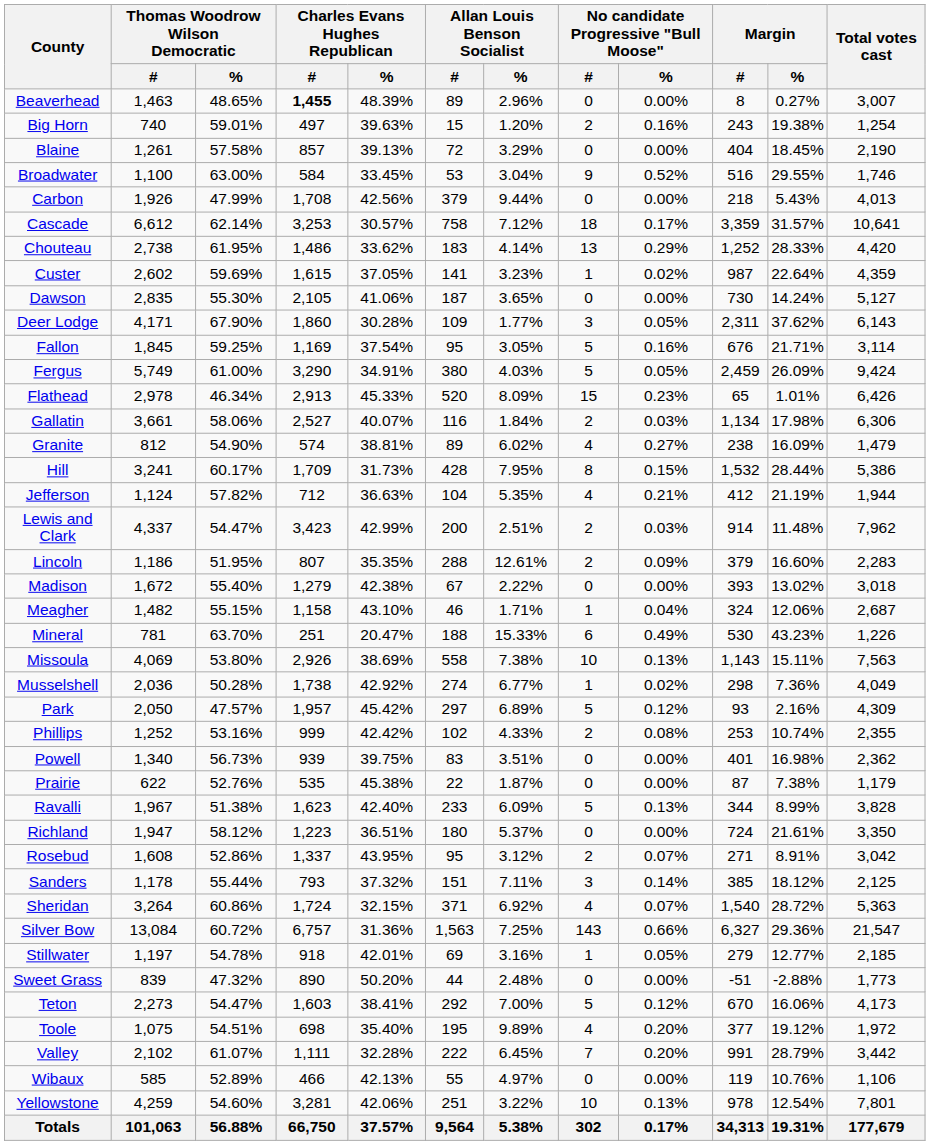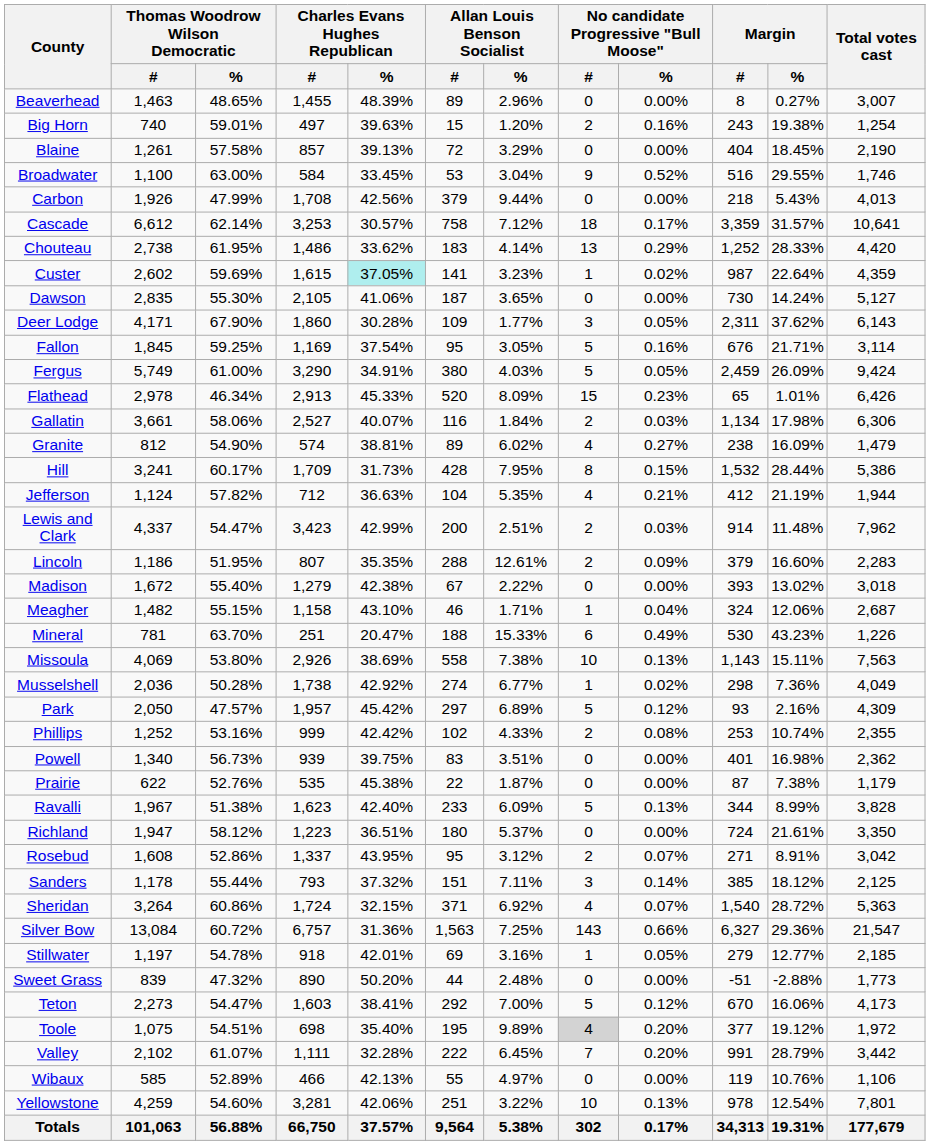 <table width="60%"  class="wikitable sortable" style="text-align:center">
 <tr>
 <th style="text-align:center;" rowspan="2">County</th>
 <th style="text-align:center;" colspan="2">Thomas Woodrow Wilson<br>Democratic</th>
 <th style="text-align:center;" colspan="2">Charles Evans Hughes<br>Republican</th>
 <th style="text-align:center;" colspan="2">Allan Louis Benson<br>Socialist</th>
 <th style="text-align:center;" colspan="2">No candidate<br>Progressive "Bull Moose"</th>
 <th style="text-align:center;" colspan="2">Margin</th>
 <th style="text-align:center;" rowspan="2">Total votes cast</th>
 </tr>
 <tr>
 <th style="text-align:center;" data-sort-type="number">#</th>
 <th style="text-align:center;" data-sort-type="number">%</th>
 <th style="text-align:center;" data-sort-type="number">#</th>
 <th style="text-align:center;" data-sort-type="number">%</th>
 <th style="text-align:center;" data-sort-type="number">#</th>
 <th style="text-align:center;" data-sort-type="number">%</th>
 <th style="text-align:center;" data-sort-type="number">#</th>
 <th style="text-align:center;" data-sort-type="number">%</th>
 <th style="text-align:center;" data-sort-type="number">#</th>
 <th style="text-align:center;" data-sort-type="number">%</th>
 </tr>
 <tr style="text-align:center;">
 <td><a href='#'>Beaverhead</a></td>
 <td>1,463</td>
 <td>48.65%</td>
-<td><strong>1,455</strong></td>
+<td>1,455</td>
 <td>48.39%</td>
 <td>89</td>
 <td>2.96%</td>
 <td>0</td>
 <td>0.00%</td>
 <td>8</td>
 <td>0.27%</td>
 <td>3,007</td>
 </tr>
 <tr style="text-align:center;">
 <td><a href='#'>Big Horn</a></td>
 <td>740</td>
 <td>59.01%</td>
 <td>497</td>
 <td>39.63%</td>
 <td>15</td>
 <td>1.20%</td>
 <td>2</td>
 <td>0.16%</td>
 <td>243</td>
 <td>19.38%</td>
 <td>1,254</td>
 </tr>
 <tr style="text-align:center;">
 <td><a href='#'>Blaine</a></td>
 <td>1,261</td>
 <td>57.58%</td>
 <td>857</td>
 <td>39.13%</td>
 <td>72</td>
 <td>3.29%</td>
 <td>0</td>
 <td>0.00%</td>
 <td>404</td>
 <td>18.45%</td>
 <td>2,190</td>
 </tr>
 <tr style="text-align:center;">
 <td><a href='#'>Broadwater</a></td>
 <td>1,100</td>
 <td>63.00%</td>
 <td>584</td>
 <td>33.45%</td>
 <td>53</td>
 <td>3.04%</td>
 <td>9</td>
 <td>0.52%</td>
 <td>516</td>
 <td>29.55%</td>
 <td>1,746</td>
 </tr>
 <tr style="text-align:center;">
 <td><a href='#'>Carbon</a></td>
 <td>1,926</td>
 <td>47.99%</td>
 <td>1,708</td>
 <td>42.56%</td>
 <td>379</td>
 <td>9.44%</td>
 <td>0</td>
 <td>0.00%</td>
 <td>218</td>
 <td>5.43%</td>
 <td>4,013</td>
 </tr>
 <tr style="text-align:center;">
 <td><a href='#'>Cascade</a></td>
 <td>6,612</td>
 <td>62.14%</td>
 <td>3,253</td>
 <td>30.57%</td>
 <td>758</td>
 <td>7.12%</td>
 <td>18</td>
 <td>0.17%</td>
 <td>3,359</td>
 <td>31.57%</td>
 <td>10,641</td>
 </tr>
 <tr style="text-align:center;">
 <td><a href='#'>Chouteau</a></td>
 <td>2,738</td>
 <td>61.95%</td>
 <td>1,486</td>
 <td>33.62%</td>
 <td>183</td>
 <td>4.14%</td>
 <td>13</td>
 <td>0.29%</td>
 <td>1,252</td>
 <td>28.33%</td>
 <td>4,420</td>
 </tr>
 <tr style="text-align:center;">
 <td><a href='#'>Custer</a></td>
 <td>2,602</td>
 <td>59.69%</td>
 <td>1,615</td>
-<td>37.05%</td>
+<td style="background: paleturquoise;">37.05%</td>
 <td>141</td>
 <td>3.23%</td>
 <td>1</td>
 <td>0.02%</td>
 <td>987</td>
 <td>22.64%</td>
 <td>4,359</td>
 </tr>
 <tr style="text-align:center;">
 <td><a href='#'>Dawson</a></td>
 <td>2,835</td>
 <td>55.30%</td>
 <td>2,105</td>
 <td>41.06%</td>
 <td>187</td>
 <td>3.65%</td>
 <td>0</td>
 <td>0.00%</td>
 <td>730</td>
 <td>14.24%</td>
 <td>5,127</td>
 </tr>
 <tr style="text-align:center;">
 <td><a href='#'>Deer Lodge</a></td>
 <td>4,171</td>
 <td>67.90%</td>
 <td>1,860</td>
 <td>30.28%</td>
 <td>109</td>
 <td>1.77%</td>
 <td>3</td>
 <td>0.05%</td>
 <td>2,311</td>
 <td>37.62%</td>
 <td>6,143</td>
 </tr>
 <tr style="text-align:center;">
 <td><a href='#'>Fallon</a></td>
 <td>1,845</td>
 <td>59.25%</td>
 <td>1,169</td>
 <td>37.54%</td>
 <td>95</td>
 <td>3.05%</td>
 <td>5</td>
 <td>0.16%</td>
 <td>676</td>
 <td>21.71%</td>
 <td>3,114</td>
 </tr>
 <tr style="text-align:center;">
 <td><a href='#'>Fergus</a></td>
 <td>5,749</td>
 <td>61.00%</td>
 <td>3,290</td>
 <td>34.91%</td>
 <td>380</td>
 <td>4.03%</td>
 <td>5</td>
 <td>0.05%</td>
 <td>2,459</td>
 <td>26.09%</td>
 <td>9,424</td>
 </tr>
 <tr style="text-align:center;">
 <td><a href='#'>Flathead</a></td>
 <td>2,978</td>
 <td>46.34%</td>
 <td>2,913</td>
 <td>45.33%</td>
 <td>520</td>
 <td>8.09%</td>
 <td>15</td>
 <td>0.23%</td>
 <td>65</td>
 <td>1.01%</td>
 <td>6,426</td>
 </tr>
 <tr style="text-align:center;">
 <td><a href='#'>Gallatin</a></td>
 <td>3,661</td>
 <td>58.06%</td>
 <td>2,527</td>
 <td>40.07%</td>
 <td>116</td>
 <td>1.84%</td>
 <td>2</td>
 <td>0.03%</td>
 <td>1,134</td>
 <td>17.98%</td>
 <td>6,306</td>
 </tr>
 <tr style="text-align:center;">
 <td><a href='#'>Granite</a></td>
 <td>812</td>
 <td>54.90%</td>
 <td>574</td>
 <td>38.81%</td>
 <td>89</td>
 <td>6.02%</td>
 <td>4</td>
 <td>0.27%</td>
 <td>238</td>
 <td>16.09%</td>
 <td>1,479</td>
 </tr>
 <tr style="text-align:center;">
 <td><a href='#'>Hill</a></td>
 <td>3,241</td>
 <td>60.17%</td>
 <td>1,709</td>
 <td>31.73%</td>
 <td>428</td>
 <td>7.95%</td>
 <td>8</td>
 <td>0.15%</td>
 <td>1,532</td>
 <td>28.44%</td>
 <td>5,386</td>
 </tr>
 <tr style="text-align:center;">
 <td><a href='#'>Jefferson</a></td>
 <td>1,124</td>
 <td>57.82%</td>
 <td>712</td>
 <td>36.63%</td>
 <td>104</td>
 <td>5.35%</td>
 <td>4</td>
 <td>0.21%</td>
 <td>412</td>
 <td>21.19%</td>
 <td>1,944</td>
 </tr>
 <tr style="text-align:center;">
 <td><a href='#'>Lewis and Clark</a></td>
 <td>4,337</td>
 <td>54.47%</td>
 <td>3,423</td>
 <td>42.99%</td>
 <td>200</td>
 <td>2.51%</td>
 <td>2</td>
 <td>0.03%</td>
 <td>914</td>
 <td>11.48%</td>
 <td>7,962</td>
 </tr>
 <tr style="text-align:center;">
 <td><a href='#'>Lincoln</a></td>
 <td>1,186</td>
 <td>51.95%</td>
 <td>807</td>
 <td>35.35%</td>
 <td>288</td>
 <td>12.61%</td>
 <td>2</td>
 <td>0.09%</td>
 <td>379</td>
 <td>16.60%</td>
 <td>2,283</td>
 </tr>
 <tr style="text-align:center;">
 <td><a href='#'>Madison</a></td>
 <td>1,672</td>
 <td>55.40%</td>
 <td>1,279</td>
 <td>42.38%</td>
 <td>67</td>
 <td>2.22%</td>
 <td>0</td>
 <td>0.00%</td>
 <td>393</td>
 <td>13.02%</td>
 <td>3,018</td>
 </tr>
 <tr style="text-align:center;">
 <td><a href='#'>Meagher</a></td>
 <td>1,482</td>
 <td>55.15%</td>
 <td>1,158</td>
 <td>43.10%</td>
 <td>46</td>
 <td>1.71%</td>
 <td>1</td>
 <td>0.04%</td>
 <td>324</td>
 <td>12.06%</td>
 <td>2,687</td>
 </tr>
 <tr style="text-align:center;">
 <td><a href='#'>Mineral</a></td>
 <td>781</td>
 <td>63.70%</td>
 <td>251</td>
 <td>20.47%</td>
 <td>188</td>
 <td>15.33%</td>
 <td>6</td>
 <td>0.49%</td>
 <td>530</td>
 <td>43.23%</td>
 <td>1,226</td>
 </tr>
 <tr style="text-align:center;">
 <td><a href='#'>Missoula</a></td>
 <td>4,069</td>
 <td>53.80%</td>
 <td>2,926</td>
 <td>38.69%</td>
 <td>558</td>
 <td>7.38%</td>
 <td>10</td>
 <td>0.13%</td>
 <td>1,143</td>
 <td>15.11%</td>
 <td>7,563</td>
 </tr>
 <tr style="text-align:center;">
 <td><a href='#'>Musselshell</a></td>
 <td>2,036</td>
 <td>50.28%</td>
 <td>1,738</td>
 <td>42.92%</td>
 <td>274</td>
 <td>6.77%</td>
 <td>1</td>
 <td>0.02%</td>
 <td>298</td>
 <td>7.36%</td>
 <td>4,049</td>
 </tr>
 <tr style="text-align:center;">
 <td><a href='#'>Park</a></td>
 <td>2,050</td>
 <td>47.57%</td>
 <td>1,957</td>
 <td>45.42%</td>
 <td>297</td>
 <td>6.89%</td>
 <td>5</td>
 <td>0.12%</td>
 <td>93</td>
 <td>2.16%</td>
 <td>4,309</td>
 </tr>
 <tr style="text-align:center;">
 <td><a href='#'>Phillips</a></td>
 <td>1,252</td>
 <td>53.16%</td>
 <td>999</td>
 <td>42.42%</td>
 <td>102</td>
 <td>4.33%</td>
 <td>2</td>
 <td>0.08%</td>
 <td>253</td>
 <td>10.74%</td>
 <td>2,355</td>
 </tr>
 <tr style="text-align:center;">
 <td><a href='#'>Powell</a></td>
 <td>1,340</td>
 <td>56.73%</td>
 <td>939</td>
 <td>39.75%</td>
 <td>83</td>
 <td>3.51%</td>
 <td>0</td>
 <td>0.00%</td>
 <td>401</td>
 <td>16.98%</td>
 <td>2,362</td>
 </tr>
 <tr style="text-align:center;">
 <td><a href='#'>Prairie</a></td>
 <td>622</td>
 <td>52.76%</td>
 <td>535</td>
 <td>45.38%</td>
 <td>22</td>
 <td>1.87%</td>
 <td>0</td>
 <td>0.00%</td>
 <td>87</td>
 <td>7.38%</td>
 <td>1,179</td>
 </tr>
 <tr style="text-align:center;">
 <td><a href='#'>Ravalli</a></td>
 <td>1,967</td>
 <td>51.38%</td>
 <td>1,623</td>
 <td>42.40%</td>
 <td>233</td>
 <td>6.09%</td>
 <td>5</td>
 <td>0.13%</td>
 <td>344</td>
 <td>8.99%</td>
 <td>3,828</td>
 </tr>
 <tr style="text-align:center;">
 <td><a href='#'>Richland</a></td>
 <td>1,947</td>
 <td>58.12%</td>
 <td>1,223</td>
 <td>36.51%</td>
 <td>180</td>
 <td>5.37%</td>
 <td>0</td>
 <td>0.00%</td>
 <td>724</td>
 <td>21.61%</td>
 <td>3,350</td>
 </tr>
 <tr style="text-align:center;">
 <td><a href='#'>Rosebud</a></td>
 <td>1,608</td>
 <td>52.86%</td>
 <td>1,337</td>
 <td>43.95%</td>
 <td>95</td>
 <td>3.12%</td>
 <td>2</td>
 <td>0.07%</td>
 <td>271</td>
 <td>8.91%</td>
 <td>3,042</td>
 </tr>
 <tr style="text-align:center;">
 <td><a href='#'>Sanders</a></td>
 <td>1,178</td>
 <td>55.44%</td>
 <td>793</td>
 <td>37.32%</td>
 <td>151</td>
 <td>7.11%</td>
 <td>3</td>
 <td>0.14%</td>
 <td>385</td>
 <td>18.12%</td>
 <td>2,125</td>
 </tr>
 <tr style="text-align:center;">
 <td><a href='#'>Sheridan</a></td>
 <td>3,264</td>
 <td>60.86%</td>
 <td>1,724</td>
 <td>32.15%</td>
 <td>371</td>
 <td>6.92%</td>
 <td>4</td>
 <td>0.07%</td>
 <td>1,540</td>
 <td>28.72%</td>
 <td>5,363</td>
 </tr>
 <tr style="text-align:center;">
 <td><a href='#'>Silver Bow</a></td>
 <td>13,084</td>
 <td>60.72%</td>
 <td>6,757</td>
 <td>31.36%</td>
 <td>1,563</td>
 <td>7.25%</td>
 <td>143</td>
 <td>0.66%</td>
 <td>6,327</td>
 <td>29.36%</td>
 <td>21,547</td>
 </tr>
 <tr style="text-align:center;">
 <td><a href='#'>Stillwater</a></td>
 <td>1,197</td>
 <td>54.78%</td>
 <td>918</td>
 <td>42.01%</td>
 <td>69</td>
 <td>3.16%</td>
 <td>1</td>
 <td>0.05%</td>
 <td>279</td>
 <td>12.77%</td>
 <td>2,185</td>
 </tr>
 <tr style="text-align:center;">
 <td><a href='#'>Sweet Grass</a></td>
 <td>839</td>
 <td>47.32%</td>
 <td>890</td>
 <td>50.20%</td>
 <td>44</td>
 <td>2.48%</td>
 <td>0</td>
 <td>0.00%</td>
 <td>-51</td>
 <td>-2.88%</td>
 <td>1,773</td>
 </tr>
 <tr style="text-align:center;">
 <td><a href='#'>Teton</a></td>
 <td>2,273</td>
 <td>54.47%</td>
 <td>1,603</td>
 <td>38.41%</td>
 <td>292</td>
 <td>7.00%</td>
 <td>5</td>
 <td>0.12%</td>
 <td>670</td>
 <td>16.06%</td>
 <td>4,173</td>
 </tr>
 <tr style="text-align:center;">
 <td><a href='#'>Toole</a></td>
 <td>1,075</td>
 <td>54.51%</td>
 <td>698</td>
 <td>35.40%</td>
 <td>195</td>
 <td>9.89%</td>
-<td>4</td>
+<td style="background: lightgrey;">4</td>
 <td>0.20%</td>
 <td>377</td>
 <td>19.12%</td>
 <td>1,972</td>
 </tr>
 <tr style="text-align:center;">
 <td><a href='#'>Valley</a></td>
 <td>2,102</td>
 <td>61.07%</td>
 <td>1,111</td>
 <td>32.28%</td>
 <td>222</td>
 <td>6.45%</td>
 <td>7</td>
 <td>0.20%</td>
 <td>991</td>
 <td>28.79%</td>
 <td>3,442</td>
 </tr>
 <tr style="text-align:center;">
 <td><a href='#'>Wibaux</a></td>
 <td>585</td>
 <td>52.89%</td>
 <td>466</td>
 <td>42.13%</td>
 <td>55</td>
 <td>4.97%</td>
 <td>0</td>
 <td>0.00%</td>
 <td>119</td>
 <td>10.76%</td>
 <td>1,106</td>
 </tr>
 <tr style="text-align:center;">
 <td><a href='#'>Yellowstone</a></td>
 <td>4,259</td>
 <td>54.60%</td>
 <td>3,281</td>
 <td>42.06%</td>
 <td>251</td>
 <td>3.22%</td>
 <td>10</td>
 <td>0.13%</td>
 <td>978</td>
 <td>12.54%</td>
 <td>7,801</td>
 </tr>
 <tr style="text-align:center;">
 <th>Totals</th>
 <th>101,063</th>
 <th>56.88%</th>
 <th>66,750</th>
 <th>37.57%</th>
 <th>9,564</th>
 <th>5.38%</th>
 <th>302</th>
 <th>0.17%</th>
 <th>34,313</th>
 <th>19.31%</th>
 <th>177,679</th>
 </tr>
 </table>
